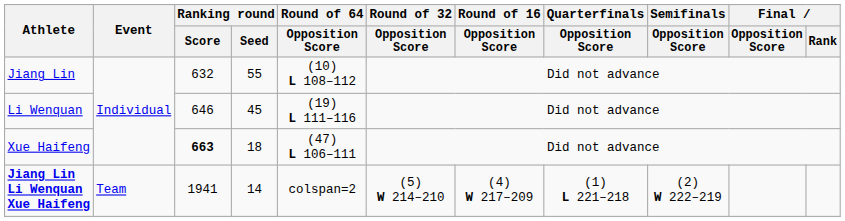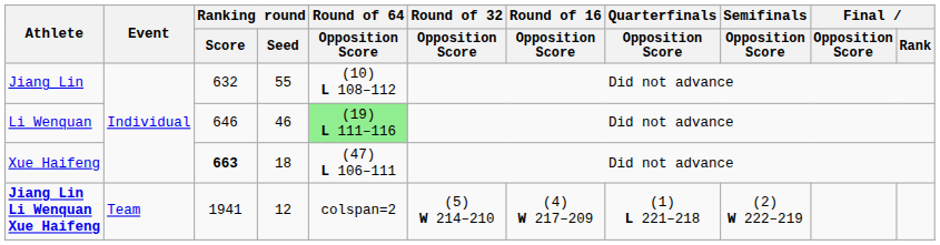 <table class="wikitable" style="font-size:90%">
 <tr>
 <th rowspan="2">Athlete</th>
 <th rowspan="2">Event</th>
 <th colspan="2">Ranking round</th>
 <th>Round of 64</th>
 <th>Round of 32</th>
 <th>Round of 16</th>
 <th>Quarterfinals</th>
 <th>Semifinals</th>
 <th colspan="2">Final / </th>
 </tr>
 <tr style="font-size:95%">
 <th>Score</th>
 <th>Seed</th>
 <th>Opposition<br>Score</th>
 <th>Opposition<br>Score</th>
 <th>Opposition<br>Score</th>
 <th>Opposition<br>Score</th>
 <th>Opposition<br>Score</th>
 <th>Opposition<br>Score</th>
 <th>Rank</th>
 </tr>
 <tr align=center>
 <td align=left><a href='#'>Jiang Lin</a></td>
 <td align=left rowspan=3><a href='#'>Individual</a></td>
 <td>632</td>
 <td>55</td>
 <td> (10)<br><strong>L</strong> 108–112</td>
 <td colspan=6>Did not advance</td>
 </tr>
 <tr align=center>
 <td align=left><a href='#'>Li Wenquan</a></td>
 <td>646</td>
-<td>45</td>
-<td> (19)<br><strong>L</strong> 111–116</td>
+<td>46</td>
+<td style="background: lightgreen;"> (19)<br><strong>L</strong> 111–116</td>
 <td colspan=6>Did not advance</td>
 </tr>
 <tr align=center>
 <td align=left><a href='#'>Xue Haifeng</a></td>
 <td><strong>663</strong></td>
 <td>18</td>
 <td> (47)<br><strong>L</strong> 106–111</td>
 <td colspan=6>Did not advance</td>
 </tr>
 <tr align=center>
 <td align=left><strong><a href='#'>Jiang Lin</a><br><a href='#'>Li Wenquan</a><br><a href='#'>Xue Haifeng</a></strong></td>
 <td align=left><a href='#'>Team</a></td>
 <td>1941</td>
-<td>14</td>
+<td>12</td>
 <td>colspan=2 </td>
 <td> (5)<br><strong>W</strong> 214–210</td>
 <td> (4)<br><strong>W</strong> 217–209</td>
 <td> (1)<br><strong>L</strong> 221–218</td>
 <td> (2)<br><strong>W</strong> 222–219</td>
 <td></td>
 </tr>
 </table>
